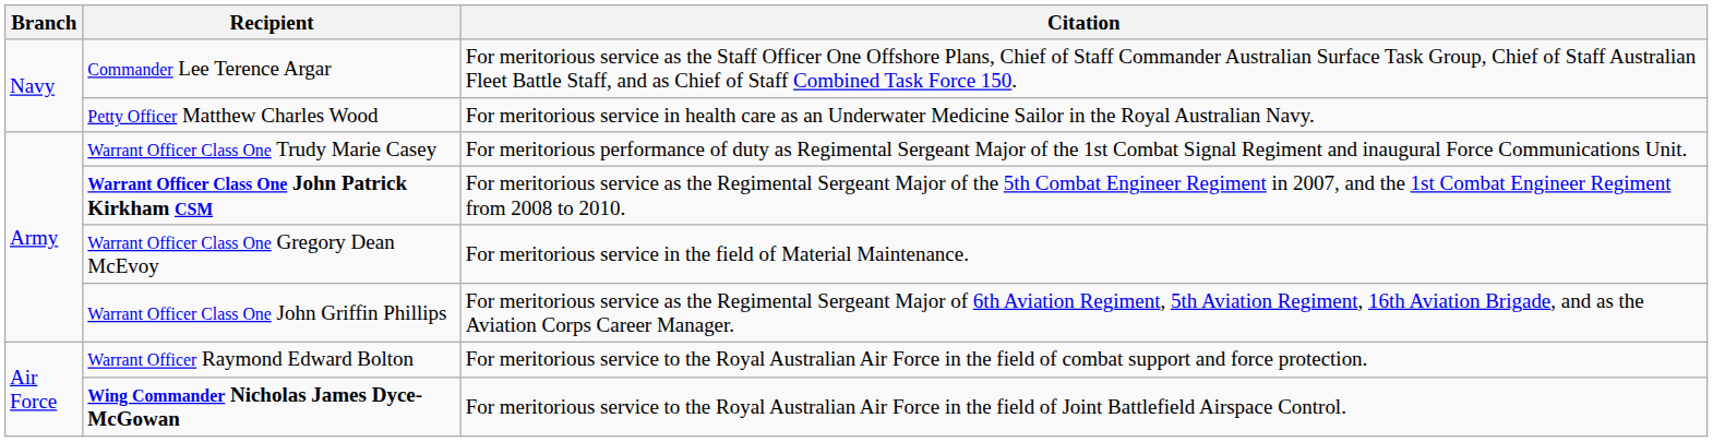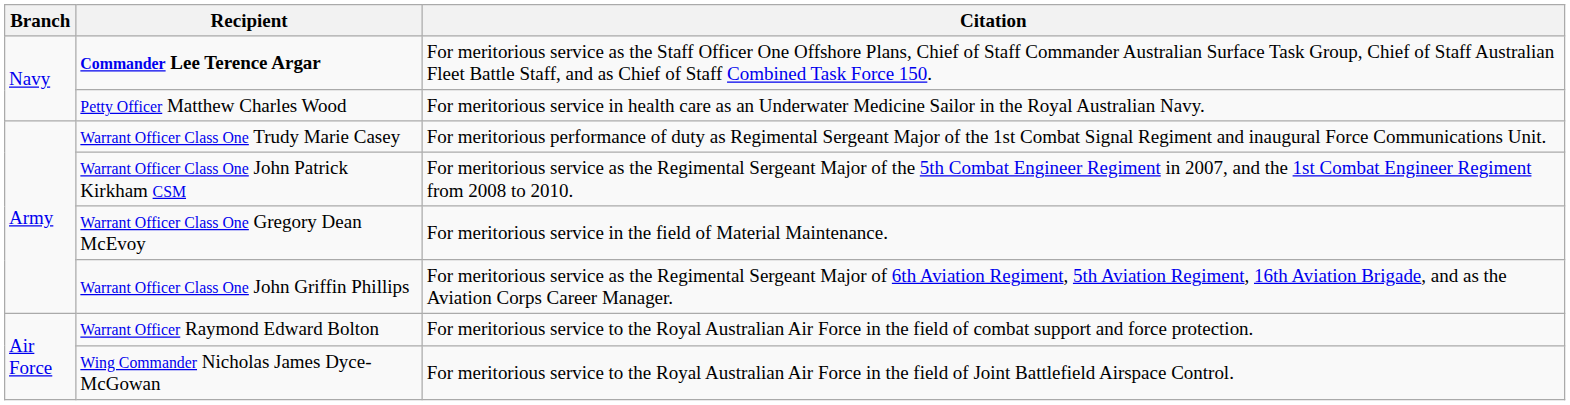 <table class="wikitable" style="font-size:95%;">
 <tr>
 <th scope="col" width="50">Branch</th>
 <th scope="col" width="270">Recipient</th>
 <th>Citation</th>
 </tr>
 <tr>
 <td rowspan="2"><a href='#'>Navy</a></td>
-<td><small><a href='#'>Commander</a></small> Lee Terence Argar</td>
+<td><strong><small><a href='#'>Commander</a></small> Lee Terence Argar</strong></td>
 <td>For meritorious service as the Staff Officer One Offshore Plans, Chief of Staff Commander Australian Surface Task Group, Chief of Staff Australian Fleet Battle Staff, and as Chief of Staff <a href='#'>Combined Task Force 150</a>.</td>
 </tr>
 <tr>
 <td><small><a href='#'>Petty Officer</a></small> Matthew Charles Wood</td>
 <td>For meritorious service in health care as an Underwater Medicine Sailor in the Royal Australian Navy.</td>
 </tr>
 <tr>
 <td rowspan="4"><a href='#'>Army</a></td>
 <td><small><a href='#'>Warrant Officer Class One</a></small> Trudy Marie Casey</td>
 <td>For meritorious performance of duty as Regimental Sergeant Major of the 1st Combat Signal Regiment and inaugural Force Communications Unit.</td>
 </tr>
 <tr>
-<td><strong><small><a href='#'>Warrant Officer Class One</a></small> John Patrick Kirkham <small><a href='#'>CSM</a></small></strong></td>
+<td><small><a href='#'>Warrant Officer Class One</a></small> John Patrick Kirkham <small><a href='#'>CSM</a></small></td>
 <td>For meritorious service as the Regimental Sergeant Major of the <a href='#'>5th Combat Engineer Regiment</a> in 2007, and the <a href='#'>1st Combat Engineer Regiment</a> from 2008 to 2010.</td>
 </tr>
 <tr>
 <td><small><a href='#'>Warrant Officer Class One</a></small> Gregory Dean McEvoy</td>
 <td>For meritorious service in the field of Material Maintenance.</td>
 </tr>
 <tr>
 <td><small><a href='#'>Warrant Officer Class One</a></small> John Griffin Phillips</td>
 <td>For meritorious service as the Regimental Sergeant Major of <a href='#'>6th Aviation Regiment</a>, <a href='#'>5th Aviation Regiment</a>, <a href='#'>16th Aviation Brigade</a>, and as the Aviation Corps Career Manager.</td>
 </tr>
 <tr>
 <td rowspan="2"><a href='#'>Air Force</a></td>
 <td><small><a href='#'>Warrant Officer</a></small> Raymond Edward Bolton</td>
 <td>For meritorious service to the Royal Australian Air Force in the field of combat support and force protection.</td>
 </tr>
 <tr>
-<td><strong><small><a href='#'>Wing Commander</a></small> Nicholas James Dyce-McGowan</strong></td>
+<td><small><a href='#'>Wing Commander</a></small> Nicholas James Dyce-McGowan</td>
 <td>For meritorious service to the Royal Australian Air Force in the field of Joint Battlefield Airspace Control.</td>
 </tr>
 </table>
